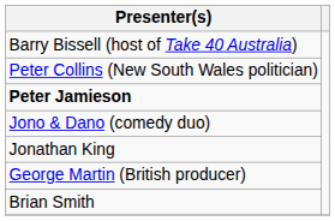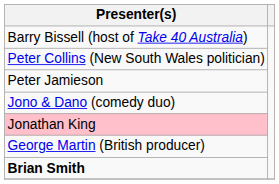 <table class="wikitable plainrowheaders">
 <tr>
 <th scope="col">Presenter(s)</th>
 <th scope="col"></th>
 </tr>
 <tr>
 <td>Barry Bissell (host of <em><a href='#'>Take 40 Australia</a></em>)</td>
 <td rowspan="7"></td>
 </tr>
 <tr>
 <td><a href='#'>Peter Collins</a> (New South Wales politician)</td>
 </tr>
 <tr>
-<td><strong>Peter Jamieson</strong></td>
+<td>Peter Jamieson</td>
 </tr>
 <tr>
 <td><a href='#'>Jono & Dano</a> (comedy duo)</td>
 </tr>
 <tr>
-<td>Jonathan King</td>
+<td style="background: pink;">Jonathan King</td>
 </tr>
 <tr>
 <td><a href='#'>George Martin</a> (British producer)</td>
 </tr>
 <tr>
-<td>Brian Smith</td>
+<td><strong>Brian Smith</strong></td>
 </tr>
 <tr>
 </tr>
 </table>
